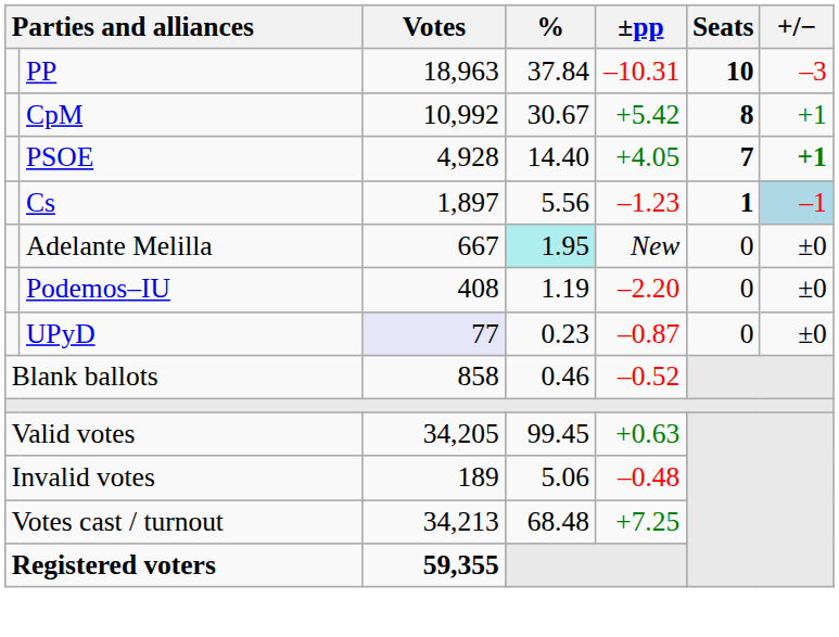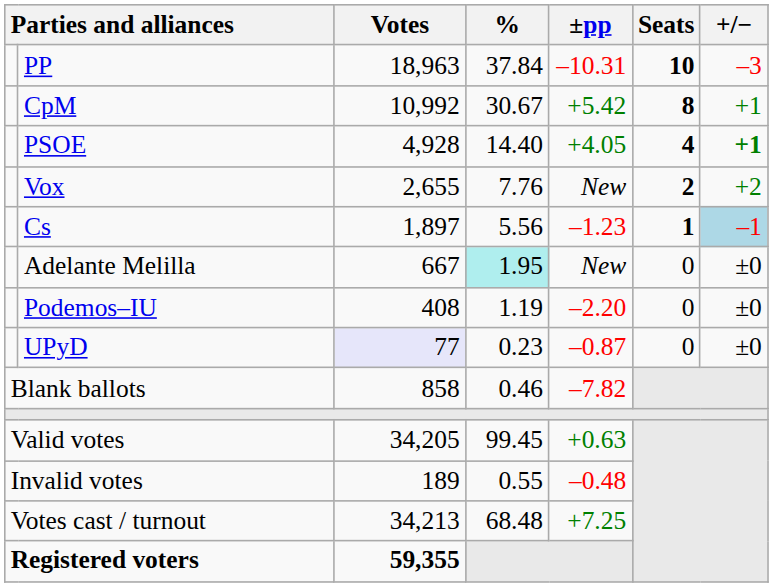 <table class="wikitable" style="text-align:right;">
 <tr>
 <th style="text-align:left;" colspan="2" width="200">Parties and alliances</th>
 <th width="75">Votes</th>
 <th width="45">%</th>
 <th width="45">±<a href='#'>pp</a></th>
 <th width="35">Seats</th>
 <th width="35">+/−</th>
 </tr>
 <tr>
 <td width="1" style="color:inherit;background:"></td>
 <td align="left"><a href='#'>PP</a></td>
 <td>18,963</td>
 <td>37.84</td>
 <td style="color:red;">–10.31</td>
 <td><strong>10</strong></td>
 <td style="color:red;">–3</td>
 </tr>
 <tr>
 <td style="color:inherit;background:"></td>
 <td align="left"><a href='#'>CpM</a></td>
 <td>10,992</td>
 <td>30.67</td>
 <td style="color:green;">+5.42</td>
 <td><strong>8</strong></td>
 <td style="color:green;">+1</td>
 </tr>
 <tr>
 <td style="color:inherit;background:"></td>
 <td align="left"><a href='#'>PSOE</a></td>
 <td>4,928</td>
 <td>14.40</td>
 <td style="color:green;">+4.05</td>
-<td><strong>7</strong></td>
+<td><strong>4</strong></td>
 <td style="color:green;"><strong>+1</strong></td>
+</tr>
+<tr>
+<td style="color:inherit;background:"></td>
+<td align="left"><a href='#'>Vox</a></td>
+<td>2,655</td>
+<td>7.76</td>
+<td><em>New</em></td>
+<td><strong>2</strong></td>
+<td style="color:green;">+2</td>
 </tr>
 <tr>
 <td style="color:inherit;background:"></td>
 <td align="left"><a href='#'>Cs</a></td>
 <td>1,897</td>
 <td>5.56</td>
 <td style="color:red;">–1.23</td>
 <td><strong>1</strong></td>
 <td style="background: lightblue; color:red;">–1</td>
 </tr>
 <tr>
 <td style="color:inherit;background:"></td>
 <td align="left">Adelante Melilla</td>
 <td>667</td>
 <td style="background: paleturquoise;">1.95</td>
 <td><em>New</em></td>
 <td>0</td>
 <td>±0</td>
 </tr>
 <tr>
 <td style="color:inherit;background:"></td>
 <td align="left"><a href='#'>Podemos–IU</a></td>
 <td>408</td>
 <td>1.19</td>
 <td style="color:red;">–2.20</td>
 <td>0</td>
 <td>±0</td>
 </tr>
 <tr>
 <td style="color:inherit;background:"></td>
 <td align="left"><a href='#'>UPyD</a></td>
 <td style="background: lavender;">77</td>
 <td>0.23</td>
 <td style="color:red;">–0.87</td>
 <td>0</td>
 <td>±0</td>
 </tr>
 <tr>
 <td align="left" colspan="2">Blank ballots</td>
 <td>858</td>
 <td>0.46</td>
-<td style="color:red;">–0.52</td>
+<td style="color:red;">–7.82</td>
 <td bgcolor="#E9E9E9" colspan="2"></td>
 </tr>
 <tr>
 <td colspan="7" bgcolor="#E9E9E9"></td>
 </tr>
 <tr>
 <td align="left" colspan="2">Valid votes</td>
 <td>34,205</td>
 <td>99.45</td>
 <td style="color:green;">+0.63</td>
 <td bgcolor="#E9E9E9" colspan="2" rowspan="4"></td>
 </tr>
 <tr>
 <td align="left" colspan="2">Invalid votes</td>
 <td>189</td>
-<td>5.06</td>
+<td>0.55</td>
 <td style="color:red;">–0.48</td>
 </tr>
 <tr>
 <td align="left" colspan="2">Votes cast / turnout</td>
 <td>34,213</td>
 <td>68.48</td>
 <td style="color:green;">+7.25</td>
 </tr>
 <tr style="font-weight:bold;">
 <td align="left" colspan="2">Registered voters</td>
 <td>59,355</td>
 <td bgcolor="#E9E9E9" colspan="2"></td>
 </tr>
 </table>
